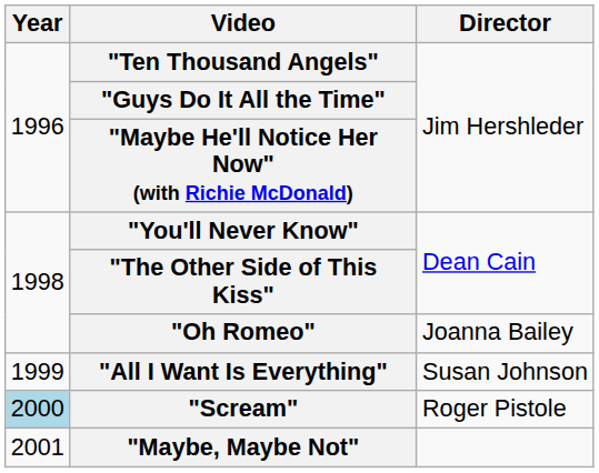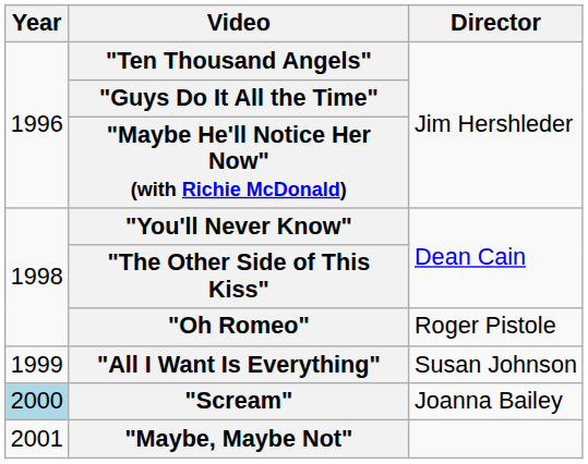 <table class="wikitable plainrowheaders">
 <tr>
 <th>Year</th>
 <th style="width:14em;">Video</th>
 <th>Director</th>
 </tr>
 <tr>
 <td rowspan="3">1996</td>
 <th scope="row">"Ten Thousand Angels"</th>
 <td rowspan="3">Jim Hershleder</td>
 </tr>
 <tr>
 <th scope="row">"Guys Do It All the Time"</th>
 </tr>
 <tr>
 <th scope="row">"Maybe He'll Notice Her Now"<br><small>(with <a href='#'>Richie McDonald</a>)</small></th>
 </tr>
 <tr>
 <td rowspan="3">1998</td>
 <th scope="row">"You'll Never Know"</th>
 <td rowspan="2"><a href='#'>Dean Cain</a></td>
 </tr>
 <tr>
 <th scope="row">"The Other Side of This Kiss"</th>
 </tr>
 <tr>
 <th scope="row">"Oh Romeo"</th>
-<td>Joanna Bailey</td>
+<td>Roger Pistole</td>
 </tr>
 <tr>
 <td>1999</td>
 <th scope="row">"All I Want Is Everything"</th>
 <td>Susan Johnson</td>
 </tr>
 <tr>
 <td style="background: lightblue;">2000</td>
 <th scope="row">"Scream"</th>
-<td>Roger Pistole</td>
+<td>Joanna Bailey</td>
 </tr>
 <tr>
 <td>2001</td>
 <th scope="row">"Maybe, Maybe Not"</th>
 <td></td>
 </tr>
 </table>
